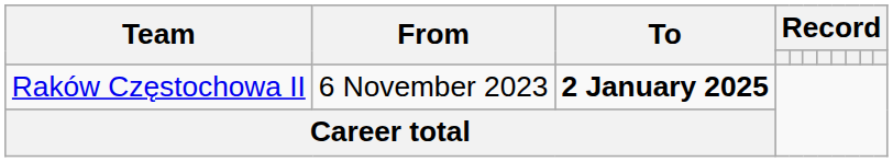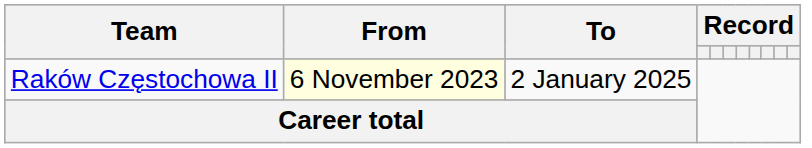 <table class="wikitable" style="text-align: center">
 <tr>
 <th rowspan="2">Team</th>
 <th rowspan="2">From</th>
 <th rowspan="2">To</th>
 <th colspan="8">Record</th>
 </tr>
 <tr>
 <th></th>
 <th></th>
 <th></th>
 <th></th>
 <th></th>
 <th></th>
 <th></th>
 <th></th>
 </tr>
 <tr>
 <td align=left><a href='#'>Raków Częstochowa II</a></td>
-<td align=left>6 November 2023</td>
-<td align=left><strong>2 January 2025<br></strong></td>
+<td align=left style="background: lightyellow;">6 November 2023</td>
+<td align=left>2 January 2025<br></td>
 </tr>
 <tr>
 <th colspan="3">Career total<br></th>
 </tr>
 </table>
